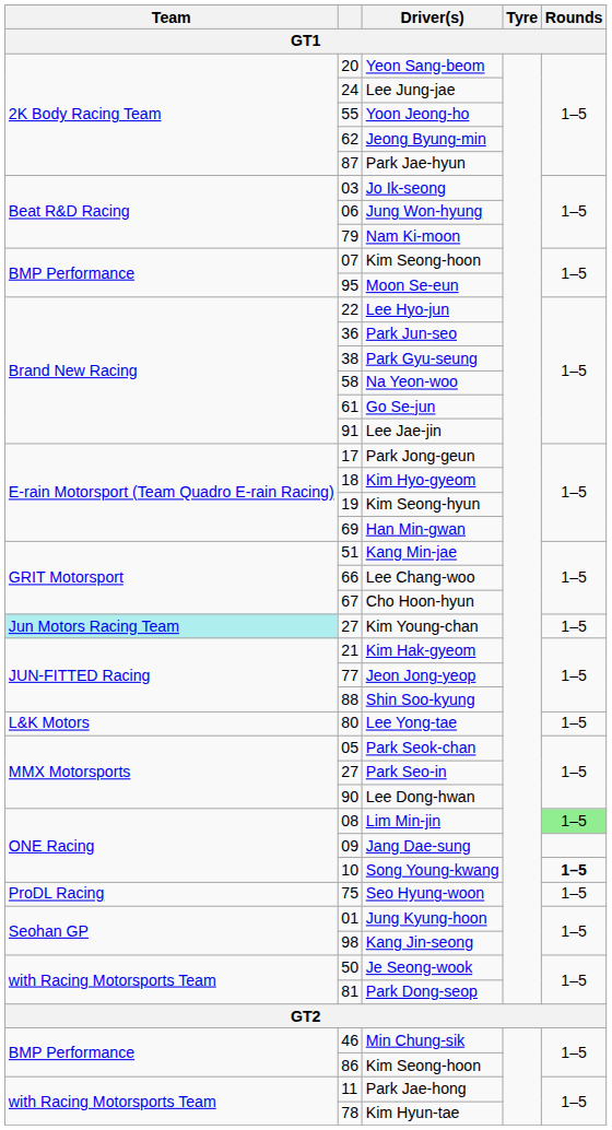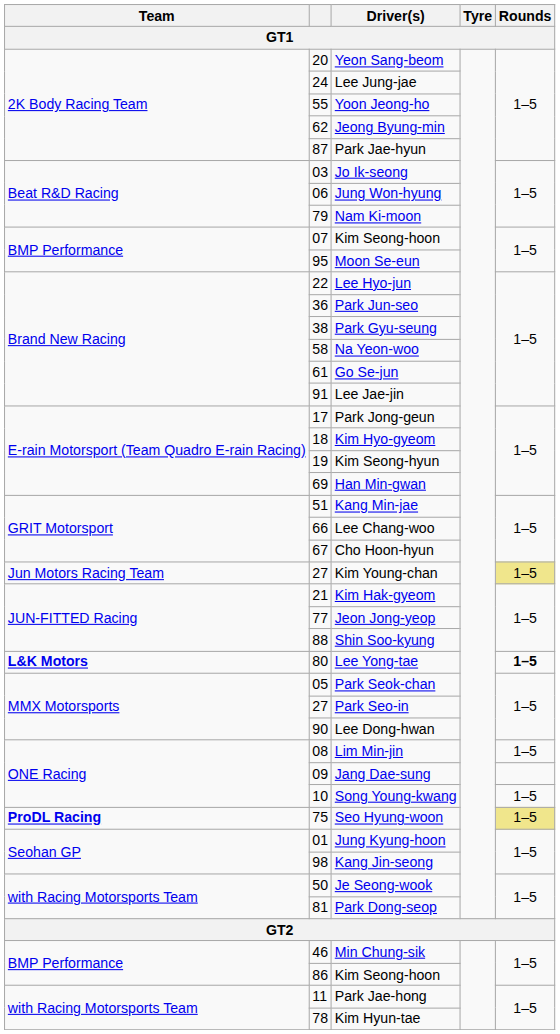 <table class="wikitable" style="font-size: 85%;">
 <tr>
 <th>Team</th>
 <th></th>
 <th class="unsortable">Driver(s)</th>
 <th>Tyre</th>
 <th>Rounds</th>
 </tr>
 <tr>
 <th colspan=5>GT1</th>
 </tr>
 <tr>
 <td rowspan=5><a href='#'>2K Body Racing Team</a></td>
 <td>20</td>
 <td> <a href='#'>Yeon Sang-beom</a></td>
 <td align="center" rowspan=39></td>
 <td rowspan=5 align=center>1–5</td>
 </tr>
 <tr>
 <td>24</td>
 <td> Lee Jung-jae</td>
 </tr>
 <tr>
 <td>55</td>
 <td> <a href='#'>Yoon Jeong-ho</a></td>
 </tr>
 <tr>
 <td>62</td>
 <td> <a href='#'>Jeong Byung-min</a></td>
 </tr>
 <tr>
 <td>87</td>
 <td> Park Jae-hyun</td>
 </tr>
 <tr>
 <td rowspan=3><a href='#'>Beat R&D Racing</a></td>
 <td>03</td>
 <td> <a href='#'>Jo Ik-seong</a></td>
 <td rowspan=3 align=center>1–5</td>
 </tr>
 <tr>
 <td>06</td>
 <td> <a href='#'>Jung Won-hyung</a></td>
 </tr>
 <tr>
 <td>79</td>
 <td> <a href='#'>Nam Ki-moon</a></td>
 </tr>
 <tr>
 <td rowspan=2><a href='#'>BMP Performance</a></td>
 <td>07</td>
 <td> Kim Seong-hoon</td>
 <td rowspan=2 align=center>1–5</td>
 </tr>
 <tr>
 <td>95</td>
 <td> <a href='#'>Moon Se-eun</a></td>
 </tr>
 <tr>
 <td rowspan=6><a href='#'>Brand New Racing</a></td>
 <td>22</td>
 <td> <a href='#'>Lee Hyo-jun</a></td>
 <td rowspan=6 align=center>1–5</td>
 </tr>
 <tr>
 <td>36</td>
 <td> <a href='#'>Park Jun-seo</a></td>
 </tr>
 <tr>
 <td>38</td>
 <td> <a href='#'>Park Gyu-seung</a></td>
 </tr>
 <tr>
 <td>58</td>
 <td> <a href='#'>Na Yeon-woo</a></td>
 </tr>
 <tr>
 <td>61</td>
 <td> <a href='#'>Go Se-jun</a></td>
 </tr>
 <tr>
 <td>91</td>
 <td> Lee Jae-jin</td>
 </tr>
 <tr>
 <td rowspan=4><a href='#'>E-rain Motorsport (Team Quadro E-rain Racing)</a></td>
 <td>17</td>
 <td> Park Jong-geun</td>
 <td rowspan=4 align=center>1–5</td>
 </tr>
 <tr>
 <td>18</td>
 <td> <a href='#'>Kim Hyo-gyeom</a></td>
 </tr>
 <tr>
 <td>19</td>
 <td> Kim Seong-hyun</td>
 </tr>
 <tr>
 <td>69</td>
 <td> <a href='#'>Han Min-gwan</a></td>
 </tr>
 <tr>
 <td rowspan=3><a href='#'>GRIT Motorsport</a></td>
 <td>51</td>
 <td> <a href='#'>Kang Min-jae</a></td>
 <td rowspan=3 align=center>1–5</td>
 </tr>
 <tr>
 <td>66</td>
 <td> Lee Chang-woo</td>
 </tr>
 <tr>
 <td>67</td>
 <td> Cho Hoon-hyun</td>
 </tr>
 <tr>
-<td style="background: paleturquoise;"><a href='#'>Jun Motors Racing Team</a></td>
+<td><a href='#'>Jun Motors Racing Team</a></td>
 <td>27</td>
 <td> Kim Young-chan</td>
-<td align=center>1–5</td>
+<td align=center style="background: khaki;">1–5</td>
 </tr>
 <tr>
 <td rowspan=3><a href='#'>JUN-FITTED Racing</a></td>
 <td>21</td>
 <td> <a href='#'>Kim Hak-gyeom</a></td>
 <td rowspan=3 align=center>1–5</td>
 </tr>
 <tr>
 <td>77</td>
 <td> <a href='#'>Jeon Jong-yeop</a></td>
 </tr>
 <tr>
 <td>88</td>
 <td> <a href='#'>Shin Soo-kyung</a></td>
 </tr>
 <tr>
-<td><a href='#'>L&K Motors</a></td>
+<td><strong><a href='#'>L&K Motors</a></strong></td>
 <td>80</td>
 <td> <a href='#'>Lee Yong-tae</a></td>
-<td align=center>1–5</td>
+<td align=center><strong>1–5</strong></td>
 </tr>
 <tr>
 <td rowspan=3><a href='#'>MMX Motorsports</a></td>
 <td>05</td>
 <td> <a href='#'>Park Seok-chan</a></td>
 <td rowspan=3 align=center>1–5</td>
 </tr>
 <tr>
 <td>27</td>
 <td> <a href='#'>Park Seo-in</a></td>
 </tr>
 <tr>
 <td>90</td>
 <td> Lee Dong-hwan</td>
 </tr>
 <tr>
 <td rowspan=3><a href='#'>ONE Racing</a></td>
 <td>08</td>
 <td> <a href='#'>Lim Min-jin</a></td>
-<td align=center style="background: lightgreen;">1–5</td>
+<td align=center>1–5</td>
 </tr>
 <tr>
 <td>09</td>
 <td> <a href='#'>Jang Dae-sung</a></td>
 <td align=center></td>
 </tr>
 <tr>
 <td>10</td>
 <td> <a href='#'>Song Young-kwang</a></td>
-<td align=center><strong>1–5</strong></td>
+<td align=center>1–5</td>
 </tr>
 <tr>
-<td><a href='#'>ProDL Racing</a></td>
+<td><strong><a href='#'>ProDL Racing</a></strong></td>
 <td>75</td>
 <td> <a href='#'>Seo Hyung-woon</a></td>
-<td align=center>1–5</td>
+<td align=center style="background: khaki;">1–5</td>
 </tr>
 <tr>
 <td rowspan=2><a href='#'>Seohan GP</a></td>
 <td>01</td>
 <td> <a href='#'>Jung Kyung-hoon</a></td>
 <td rowspan=2 align=center>1–5</td>
 </tr>
 <tr>
 <td>98</td>
 <td> <a href='#'>Kang Jin-seong</a></td>
 </tr>
 <tr>
 <td rowspan=2><a href='#'>with Racing Motorsports Team</a></td>
 <td>50</td>
 <td> <a href='#'>Je Seong-wook</a></td>
 <td rowspan=2 align=center>1–5</td>
 </tr>
 <tr>
 <td>81</td>
 <td> <a href='#'>Park Dong-seop</a></td>
 </tr>
 <tr>
 <th colspan=5>GT2</th>
 </tr>
 <tr>
 <td rowspan=2><a href='#'>BMP Performance</a></td>
 <td>46</td>
 <td> <a href='#'>Min Chung-sik</a></td>
 <td align="center" rowspan=4></td>
 <td rowspan=2 align=center>1–5</td>
 </tr>
 <tr>
 <td>86</td>
 <td> Kim Seong-hoon</td>
 </tr>
 <tr>
 <td rowspan=2><a href='#'>with Racing Motorsports Team</a></td>
 <td>11</td>
 <td> Park Jae-hong</td>
 <td rowspan=2 align=center>1–5</td>
 </tr>
 <tr>
 <td>78</td>
 <td> Kim Hyun-tae</td>
 </tr>
 <tr>
 </tr>
 </table>
